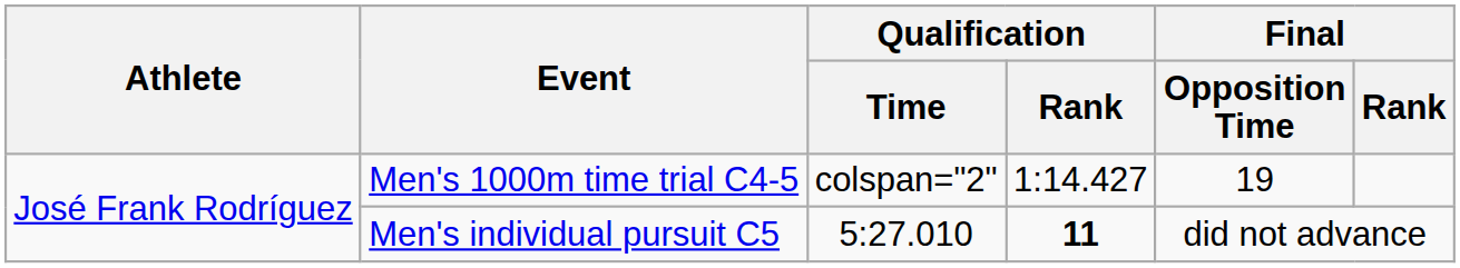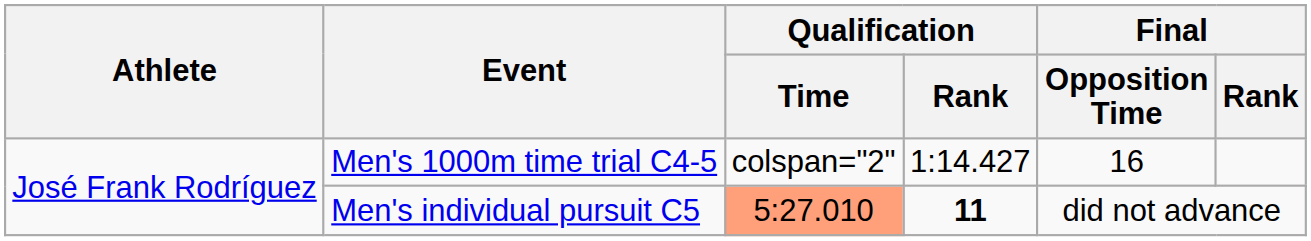 <table class=wikitable style="font-size:90%">
 <tr>
 <th rowspan="2">Athlete</th>
 <th rowspan="2">Event</th>
 <th colspan="2">Qualification</th>
 <th colspan="2">Final</th>
 </tr>
 <tr>
 <th>Time</th>
 <th>Rank</th>
 <th>Opposition<br>Time</th>
 <th>Rank</th>
 </tr>
 <tr align=center>
 <td align=left rowspan=2><a href='#'>José Frank Rodríguez</a></td>
 <td align=left><a href='#'>Men's 1000m time trial C4-5</a></td>
 <td>colspan="2" </td>
 <td>1:14.427</td>
-<td>19</td>
+<td>16</td>
 </tr>
 <tr align=center>
 <td align=left><a href='#'>Men's individual pursuit C5</a></td>
-<td>5:27.010</td>
+<td style="background: lightsalmon;">5:27.010</td>
 <td><strong>11</strong></td>
 <td colspan=2>did not advance</td>
 </tr>
 </table>
